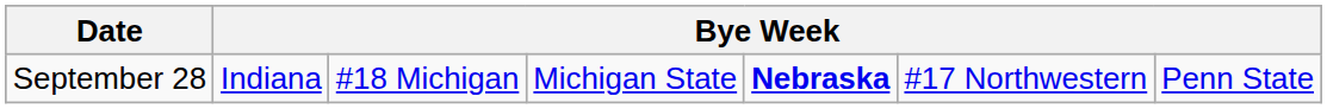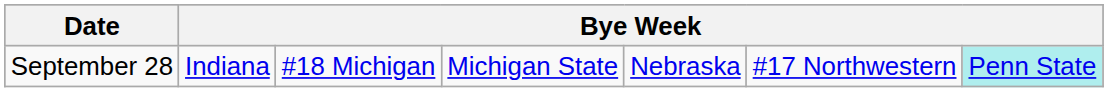 <table class="wikitable" style="font-size:95%;">
 <tr>
 <th>Date</th>
 <th colspan="6">Bye Week</th>
 </tr>
 <tr>
 <td>September 28</td>
 <td><a href='#'>Indiana</a></td>
 <td><a href='#'>#18 Michigan</a></td>
 <td><a href='#'>Michigan State</a></td>
-<td><strong><a href='#'>Nebraska</a></strong></td>
+<td><a href='#'>Nebraska</a></td>
 <td><a href='#'>#17 Northwestern</a></td>
-<td><a href='#'>Penn State</a></td>
+<td style="background: paleturquoise;"><a href='#'>Penn State</a></td>
 </tr>
 </table>
